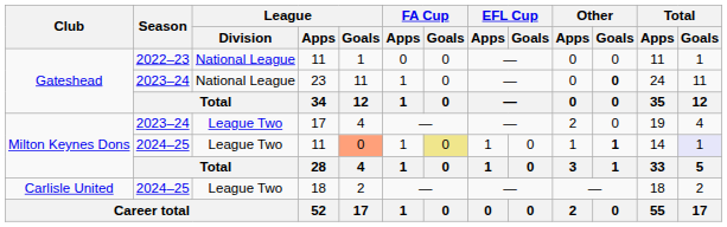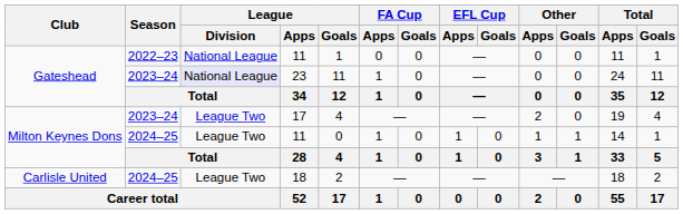 <table class="wikitable" style="text-align: center">
 <tr>
 <th rowspan="2">Club</th>
 <th rowspan="2">Season</th>
 <th colspan="3">League</th>
 <th colspan="2"><a href='#'>FA Cup</a></th>
 <th colspan="2"><a href='#'>EFL Cup</a></th>
 <th colspan="2">Other</th>
 <th colspan="2">Total</th>
 </tr>
 <tr>
 <th>Division</th>
 <th>Apps</th>
 <th>Goals</th>
 <th>Apps</th>
 <th>Goals</th>
 <th>Apps</th>
 <th>Goals</th>
 <th>Apps</th>
 <th>Goals</th>
 <th>Apps</th>
 <th>Goals</th>
 </tr>
 <tr>
 <td rowspan="3"><a href='#'>Gateshead</a></td>
 <td><a href='#'>2022–23</a></td>
 <td><a href='#'>National League</a></td>
 <td>11</td>
 <td>1</td>
 <td>0</td>
 <td>0</td>
 <td colspan="2">—</td>
 <td>0</td>
 <td>0</td>
 <td>11</td>
 <td>1</td>
 </tr>
 <tr>
 <td><a href='#'>2023–24</a></td>
-<td>National League</td>
+<td style="background: lavender;">National League</td>
 <td>23</td>
 <td>11</td>
 <td>1</td>
 <td>0</td>
 <td colspan="2">—</td>
 <td>0</td>
-<td><strong>0</strong></td>
+<td>0</td>
 <td>24</td>
 <td>11</td>
 </tr>
 <tr>
 <th colspan="2">Total</th>
 <th>34</th>
 <th>12</th>
 <th>1</th>
 <th>0</th>
 <th colspan="2">—</th>
 <th>0</th>
 <th>0</th>
 <th>35</th>
 <th>12</th>
 </tr>
 <tr>
 <td rowspan="3"><a href='#'>Milton Keynes Dons</a></td>
 <td><a href='#'>2023–24</a></td>
 <td><a href='#'>League Two</a></td>
 <td>17</td>
 <td>4</td>
 <td colspan="2">—</td>
 <td colspan="2">—</td>
 <td>2</td>
 <td>0</td>
 <td>19</td>
 <td>4</td>
 </tr>
 <tr>
 <td><a href='#'>2024–25</a></td>
 <td>League Two</td>
 <td>11</td>
-<td style="background: lightsalmon;">0</td>
-<td>1</td>
-<td style="background: khaki;">0</td>
+<td>0</td>
 <td>1</td>
 <td>0</td>
 <td>1</td>
-<td><strong>1</strong></td>
+<td>0</td>
+<td>1</td>
+<td>1</td>
 <td>14</td>
-<td style="background: lavender;">1</td>
+<td>1</td>
 </tr>
 <tr>
 <th colspan="2">Total</th>
 <th>28</th>
 <th>4</th>
 <th>1</th>
 <th>0</th>
 <th>1</th>
 <th>0</th>
 <th>3</th>
 <th>1</th>
 <th>33</th>
 <th>5</th>
 </tr>
 <tr>
 <td rowspan="1"><a href='#'>Carlisle United</a></td>
 <td><a href='#'>2024–25</a></td>
 <td>League Two</td>
 <td>18</td>
 <td>2</td>
 <td colspan=2>—</td>
 <td colspan=2>—</td>
 <td colspan=2>—</td>
 <td>18</td>
 <td>2</td>
 </tr>
 <tr>
 <th colspan="3">Career total</th>
 <th>52</th>
 <th>17</th>
 <th>1</th>
 <th>0</th>
 <th>0</th>
 <th>0</th>
 <th>2</th>
 <th>0</th>
 <th>55</th>
 <th>17</th>
 </tr>
 </table>
